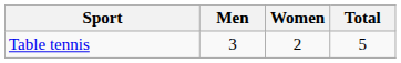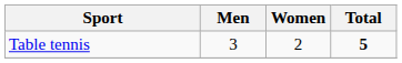 <table class="wikitable sortable" style="text-align:center;">
 <tr>
 <th width=180>Sport</th>
 <th width=55>Men</th>
 <th width=55>Women</th>
 <th width=55>Total</th>
 </tr>
 <tr>
 <td align=left><a href='#'>Table tennis</a></td>
 <td>3</td>
 <td>2</td>
-<td>5</td>
+<td><strong>5</strong></td>
 </tr>
 <tr>
 </tr>
 </table>
